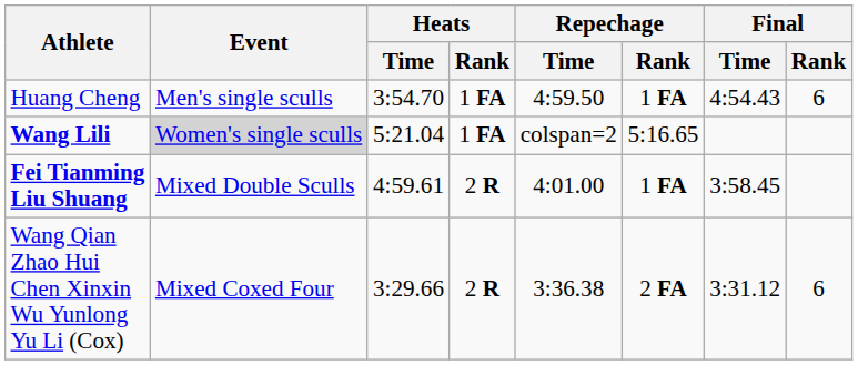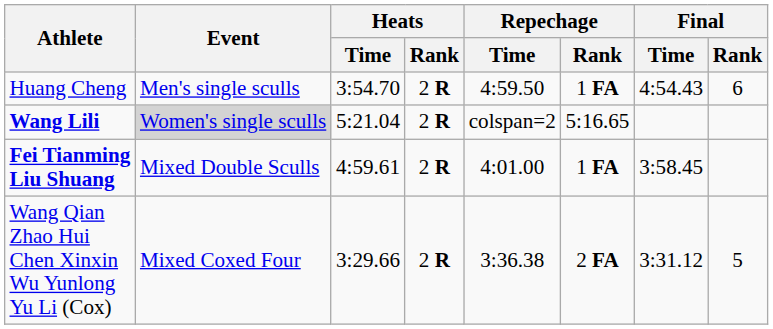 <table class="wikitable">
 <tr>
 <th rowspan="2">Athlete</th>
 <th rowspan="2">Event</th>
 <th colspan="2">Heats</th>
 <th colspan="2">Repechage</th>
 <th colspan="2">Final</th>
 </tr>
 <tr>
 <th>Time</th>
 <th>Rank</th>
 <th>Time</th>
 <th>Rank</th>
 <th>Time</th>
 <th>Rank</th>
 </tr>
 <tr align=center>
 <td align=left><a href='#'>Huang Cheng</a></td>
 <td align=left><a href='#'>Men's single sculls</a></td>
 <td>3:54.70</td>
-<td>1 <strong>FA</strong></td>
+<td>2 <strong>R</strong></td>
 <td>4:59.50</td>
 <td>1 <strong>FA</strong></td>
 <td>4:54.43</td>
 <td>6</td>
 </tr>
 <tr align=center>
 <td align=left><strong><a href='#'>Wang Lili</a></strong></td>
 <td align=left style="background: lightgrey;"><a href='#'>Women's single sculls</a></td>
 <td>5:21.04</td>
-<td>1 <strong>FA</strong></td>
+<td>2 <strong>R</strong></td>
 <td>colspan=2 </td>
 <td>5:16.65</td>
 <td></td>
 </tr>
 <tr align=center>
 <td align=left><strong><a href='#'>Fei Tianming</a><br><a href='#'>Liu Shuang</a></strong></td>
 <td align=left><a href='#'>Mixed Double Sculls</a></td>
 <td>4:59.61</td>
 <td>2 <strong>R</strong></td>
 <td>4:01.00</td>
 <td>1 <strong>FA</strong></td>
 <td>3:58.45</td>
 <td></td>
 </tr>
 <tr align=center>
 <td align=left><a href='#'>Wang Qian</a><br><a href='#'>Zhao Hui</a><br><a href='#'>Chen Xinxin</a><br><a href='#'>Wu Yunlong</a><br><a href='#'>Yu Li</a> (Cox)</td>
 <td align=left><a href='#'>Mixed Coxed Four</a></td>
 <td>3:29.66</td>
 <td>2 <strong>R</strong></td>
 <td>3:36.38</td>
 <td>2 <strong>FA</strong></td>
 <td>3:31.12</td>
-<td>6</td>
+<td>5</td>
 </tr>
 </table>
